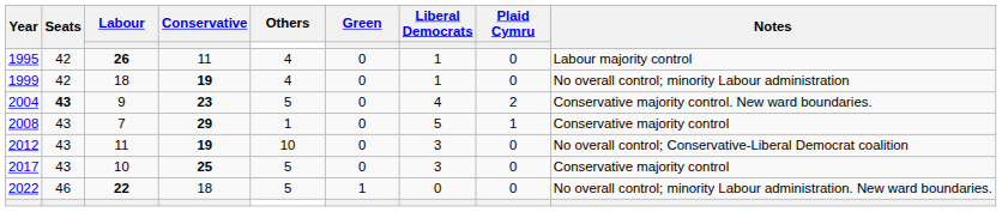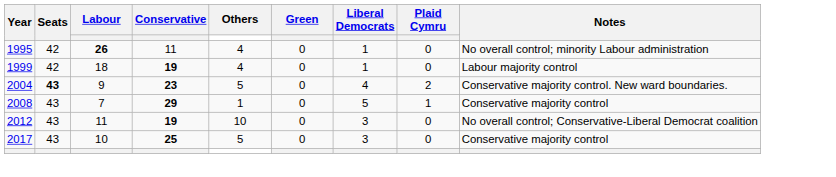 <table class="wikitable" style=text-align:center>
 <tr>
 <th rowspan=2>Year</th>
 <th rowspan=2>Seats</th>
 <th width="80"><a href='#'>Labour</a></th>
 <th width="80"><a href='#'>Conservative</a></th>
 <th width="80">Others</th>
 <th width="80"><a href='#'>Green</a></th>
 <th width="80"><a href='#'>Liberal Democrats</a></th>
 <th width="80"><a href='#'>Plaid Cymru</a></th>
 <th rowspan=2>Notes</th>
 </tr>
 <tr>
 <th style="background-color: "></th>
 <th style="background-color: "></th>
 <th style="background-color: white; width: 3px;"></th>
 <th style="background-color: "></th>
 <th style="background-color: "></th>
 <th style="background-color: "></th>
 </tr>
 <tr>
 <td><a href='#'>1995</a></td>
 <td>42</td>
 <td><strong>26</strong></td>
 <td>11</td>
 <td>4</td>
 <td>0</td>
 <td>1</td>
 <td>0</td>
-<td align=left>Labour majority control</td>
+<td align=left>No overall control; minority Labour administration</td>
 </tr>
 <tr>
 <td><a href='#'>1999</a></td>
 <td>42</td>
 <td>18</td>
 <td><strong>19</strong></td>
 <td>4</td>
 <td>0</td>
 <td>1</td>
 <td>0</td>
-<td align=left>No overall control; minority Labour administration</td>
+<td align=left>Labour majority control</td>
 </tr>
 <tr>
 <td><a href='#'>2004</a></td>
 <td><strong>43</strong></td>
 <td>9</td>
 <td><strong>23</strong></td>
 <td>5</td>
 <td>0</td>
 <td>4</td>
 <td>2</td>
 <td align=left>Conservative majority control. New ward boundaries.</td>
 </tr>
 <tr>
 <td><a href='#'>2008</a></td>
 <td>43</td>
 <td>7</td>
 <td><strong>29</strong></td>
 <td>1</td>
 <td>0</td>
 <td>5</td>
 <td>1</td>
 <td align=left>Conservative majority control</td>
 </tr>
 <tr>
 <td><a href='#'>2012</a></td>
 <td>43</td>
 <td>11</td>
 <td><strong>19</strong></td>
 <td>10</td>
 <td>0</td>
 <td>3</td>
 <td>0</td>
 <td align=left>No overall control; Conservative-Liberal Democrat coalition</td>
 </tr>
 <tr>
 <td><a href='#'>2017</a></td>
 <td>43</td>
 <td>10</td>
 <td><strong>25</strong></td>
 <td>5</td>
 <td>0</td>
 <td>3</td>
 <td>0</td>
 <td align=left>Conservative majority control</td>
 </tr>
 <tr>
-<td><a href='#'>2022</a></td>
-<td>46</td>
-<td><strong>22</strong></td>
-<td>18</td>
-<td>5</td>
-<td>1</td>
-<td>0</td>
-<td>0</td>
-<td align=left>No overall control; minority Labour administration. New ward boundaries.</td>
-</tr>
-<tr>
 <th></th>
 <th></th>
 <th style="background-color: "></th>
 <th style="background-color: "></th>
 <th style="background-color: white; width: 3px;"></th>
 <th style="background-color: "></th>
 <th style="background-color: "></th>
 <th style="background-color: "></th>
 <th></th>
 </tr>
 </table>
